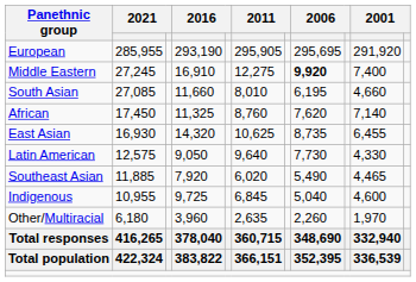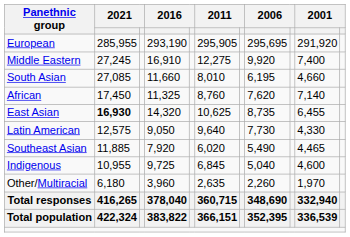 <table class="wikitable collapsible sortable">
 <tr>
 <th rowspan="2"><a href='#'>Panethnic</a><br>group</th>
 <th colspan="2">2021</th>
 <th colspan="2">2016</th>
 <th colspan="2">2011</th>
 <th colspan="2">2006</th>
 <th colspan="2">2001</th>
 </tr>
 <tr>
 <th><a href='#'></a></th>
 <th></th>
 <th></th>
 <th></th>
 <th></th>
 <th></th>
 <th></th>
 <th></th>
 <th></th>
 <th></th>
 </tr>
 <tr>
 <td><a href='#'>European</a></td>
 <td>285,955</td>
 <td></td>
 <td>293,190</td>
 <td></td>
 <td>295,905</td>
 <td></td>
 <td>295,695</td>
 <td></td>
 <td>291,920</td>
 <td></td>
 </tr>
 <tr>
 <td><a href='#'>Middle Eastern</a></td>
 <td>27,245</td>
 <td></td>
 <td>16,910</td>
 <td></td>
 <td>12,275</td>
 <td></td>
-<td><strong>9,920</strong></td>
+<td>9,920</td>
 <td></td>
 <td>7,400</td>
 <td></td>
 </tr>
 <tr>
 <td><a href='#'>South Asian</a></td>
 <td>27,085</td>
 <td></td>
 <td>11,660</td>
 <td></td>
 <td>8,010</td>
 <td></td>
 <td>6,195</td>
 <td></td>
 <td>4,660</td>
 <td></td>
 </tr>
 <tr>
 <td><a href='#'>African</a></td>
 <td>17,450</td>
 <td></td>
 <td>11,325</td>
 <td></td>
 <td>8,760</td>
 <td></td>
 <td>7,620</td>
 <td></td>
 <td>7,140</td>
 <td></td>
 </tr>
 <tr>
 <td><a href='#'>East Asian</a></td>
-<td>16,930</td>
+<td><strong>16,930</strong></td>
 <td></td>
 <td>14,320</td>
 <td></td>
 <td>10,625</td>
 <td></td>
 <td>8,735</td>
 <td></td>
 <td>6,455</td>
 <td></td>
 </tr>
 <tr>
 <td><a href='#'>Latin American</a></td>
 <td>12,575</td>
 <td></td>
 <td>9,050</td>
 <td></td>
 <td>9,640</td>
 <td></td>
 <td>7,730</td>
 <td></td>
 <td>4,330</td>
 <td></td>
 </tr>
 <tr>
 <td><a href='#'>Southeast Asian</a></td>
 <td>11,885</td>
 <td></td>
 <td>7,920</td>
 <td></td>
 <td>6,020</td>
 <td></td>
 <td>5,490</td>
 <td></td>
 <td>4,465</td>
 <td></td>
 </tr>
 <tr>
 <td><a href='#'>Indigenous</a></td>
 <td>10,955</td>
 <td></td>
 <td>9,725</td>
 <td></td>
 <td>6,845</td>
 <td></td>
 <td>5,040</td>
 <td></td>
 <td>4,600</td>
 <td></td>
 </tr>
 <tr>
 <td>Other/<a href='#'>Multiracial</a></td>
 <td>6,180</td>
 <td></td>
 <td>3,960</td>
 <td></td>
 <td>2,635</td>
 <td></td>
 <td>2,260</td>
 <td></td>
 <td>1,970</td>
 <td></td>
 </tr>
 <tr>
 <th>Total responses</th>
 <th>416,265</th>
 <th></th>
 <th>378,040</th>
 <th></th>
 <th>360,715</th>
 <th></th>
 <th>348,690</th>
 <th></th>
 <th>332,940</th>
 <th></th>
 </tr>
 <tr>
 <th>Total population</th>
 <th>422,324</th>
 <th></th>
 <th>383,822</th>
 <th></th>
 <th>366,151</th>
 <th></th>
 <th>352,395</th>
 <th></th>
 <th>336,539</th>
 <th></th>
 </tr>
 <tr class="sortbottom">
 <td colspan="15"></td>
 </tr>
 </table>
